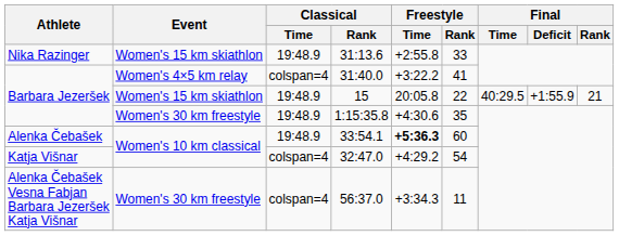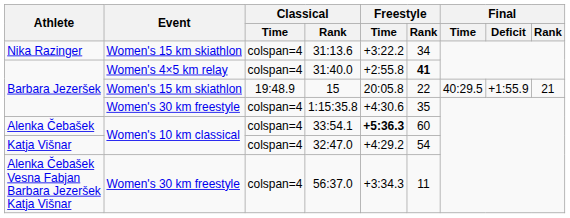 <table class="wikitable" style="font-size:90%">
 <tr>
 <th rowspan=2>Athlete</th>
 <th rowspan=2>Event</th>
 <th colspan=2>Classical</th>
 <th colspan=2>Freestyle</th>
 <th colspan=3>Final</th>
 </tr>
 <tr style="font-size: 95%">
 <th>Time</th>
 <th>Rank</th>
 <th>Time</th>
 <th>Rank</th>
 <th>Time</th>
 <th>Deficit</th>
 <th>Rank</th>
 </tr>
 <tr align=center>
 <td align=left><a href='#'>Nika Razinger</a></td>
 <td align=left><a href='#'>Women's 15 km skiathlon</a></td>
-<td>19:48.9</td>
+<td>colspan=4 </td>
 <td>31:13.6</td>
-<td>+2:55.8</td>
-<td>33</td>
+<td>+3:22.2</td>
+<td>34</td>
 </tr>
 <tr align=center>
 <td style="text-align:left;" rowspan="3"><a href='#'>Barbara Jezeršek</a></td>
 <td align=left><a href='#'>Women's 4×5 km relay</a></td>
 <td>colspan=4 </td>
 <td>31:40.0</td>
-<td>+3:22.2</td>
-<td>41</td>
+<td>+2:55.8</td>
+<td><strong>41</strong></td>
 </tr>
 <tr align=center>
 <td align=left><a href='#'>Women's 15 km skiathlon</a></td>
 <td>19:48.9</td>
 <td>15</td>
 <td>20:05.8</td>
 <td>22</td>
 <td>40:29.5</td>
 <td>+1:55.9</td>
 <td>21</td>
 </tr>
 <tr align=center>
 <td align=left><a href='#'>Women's 30 km freestyle</a></td>
-<td>19:48.9</td>
+<td>colspan=4 </td>
 <td>1:15:35.8</td>
 <td>+4:30.6</td>
 <td>35</td>
 </tr>
 <tr align=center>
 <td align=left><a href='#'>Alenka Čebašek</a></td>
 <td style="text-align:left;" rowspan="2"><a href='#'>Women's 10 km classical</a></td>
-<td>19:48.9</td>
+<td>colspan=4 </td>
 <td>33:54.1</td>
 <td><strong>+5:36.3</strong></td>
 <td>60</td>
 </tr>
 <tr align=center>
 <td align=left><a href='#'>Katja Višnar</a></td>
 <td>colspan=4 </td>
 <td>32:47.0</td>
 <td>+4:29.2</td>
 <td>54</td>
 </tr>
 <tr align=center>
 <td align=left><a href='#'>Alenka Čebašek</a><br><a href='#'>Vesna Fabjan</a><br><a href='#'>Barbara Jezeršek</a><br><a href='#'>Katja Višnar</a></td>
 <td align=left><a href='#'>Women's 30 km freestyle</a></td>
 <td>colspan=4 </td>
 <td>56:37.0</td>
 <td>+3:34.3</td>
 <td>11</td>
 </tr>
 </table>
